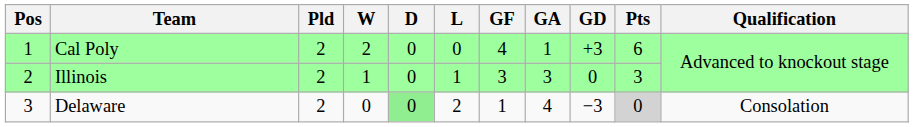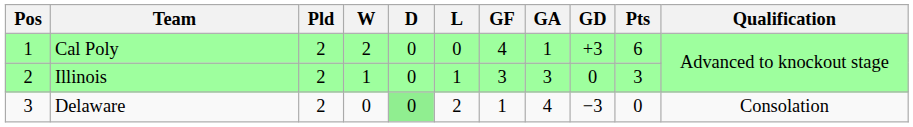 <table class="wikitable" style="text-align:center; margin: 1em auto">
 <tr>
 <th style="width:2em">Pos</th>
 <th style="width:13em">Team</th>
 <th style="width:2em">Pld</th>
 <th style="width:2em">W</th>
 <th style="width:2em">D</th>
 <th style="width:2em">L</th>
 <th style="width:2em">GF</th>
 <th style="width:2em">GA</th>
 <th style="width:2em">GD</th>
 <th style="width:2em">Pts</th>
 <th style="width:13em">Qualification</th>
 </tr>
 <tr bgcolor="#9eff9e">
 <td>1</td>
 <td style="text-align:left">Cal Poly</td>
 <td>2</td>
 <td>2</td>
 <td>0</td>
 <td>0</td>
 <td>4</td>
 <td>1</td>
 <td>+3</td>
 <td>6</td>
 <td rowspan="2">Advanced to knockout stage</td>
 </tr>
 <tr bgcolor="#9eff9e">
 <td>2</td>
 <td style="text-align:left">Illinois</td>
 <td>2</td>
 <td>1</td>
 <td>0</td>
 <td>1</td>
 <td>3</td>
 <td>3</td>
 <td>0</td>
 <td>3</td>
 </tr>
 <tr>
 <td>3</td>
 <td style="text-align:left">Delaware</td>
 <td>2</td>
 <td>0</td>
 <td style="background: lightgreen;">0</td>
 <td>2</td>
 <td>1</td>
 <td>4</td>
 <td>−3</td>
-<td style="background: lightgrey;">0</td>
+<td>0</td>
 <td>Consolation</td>
 </tr>
 </table>
